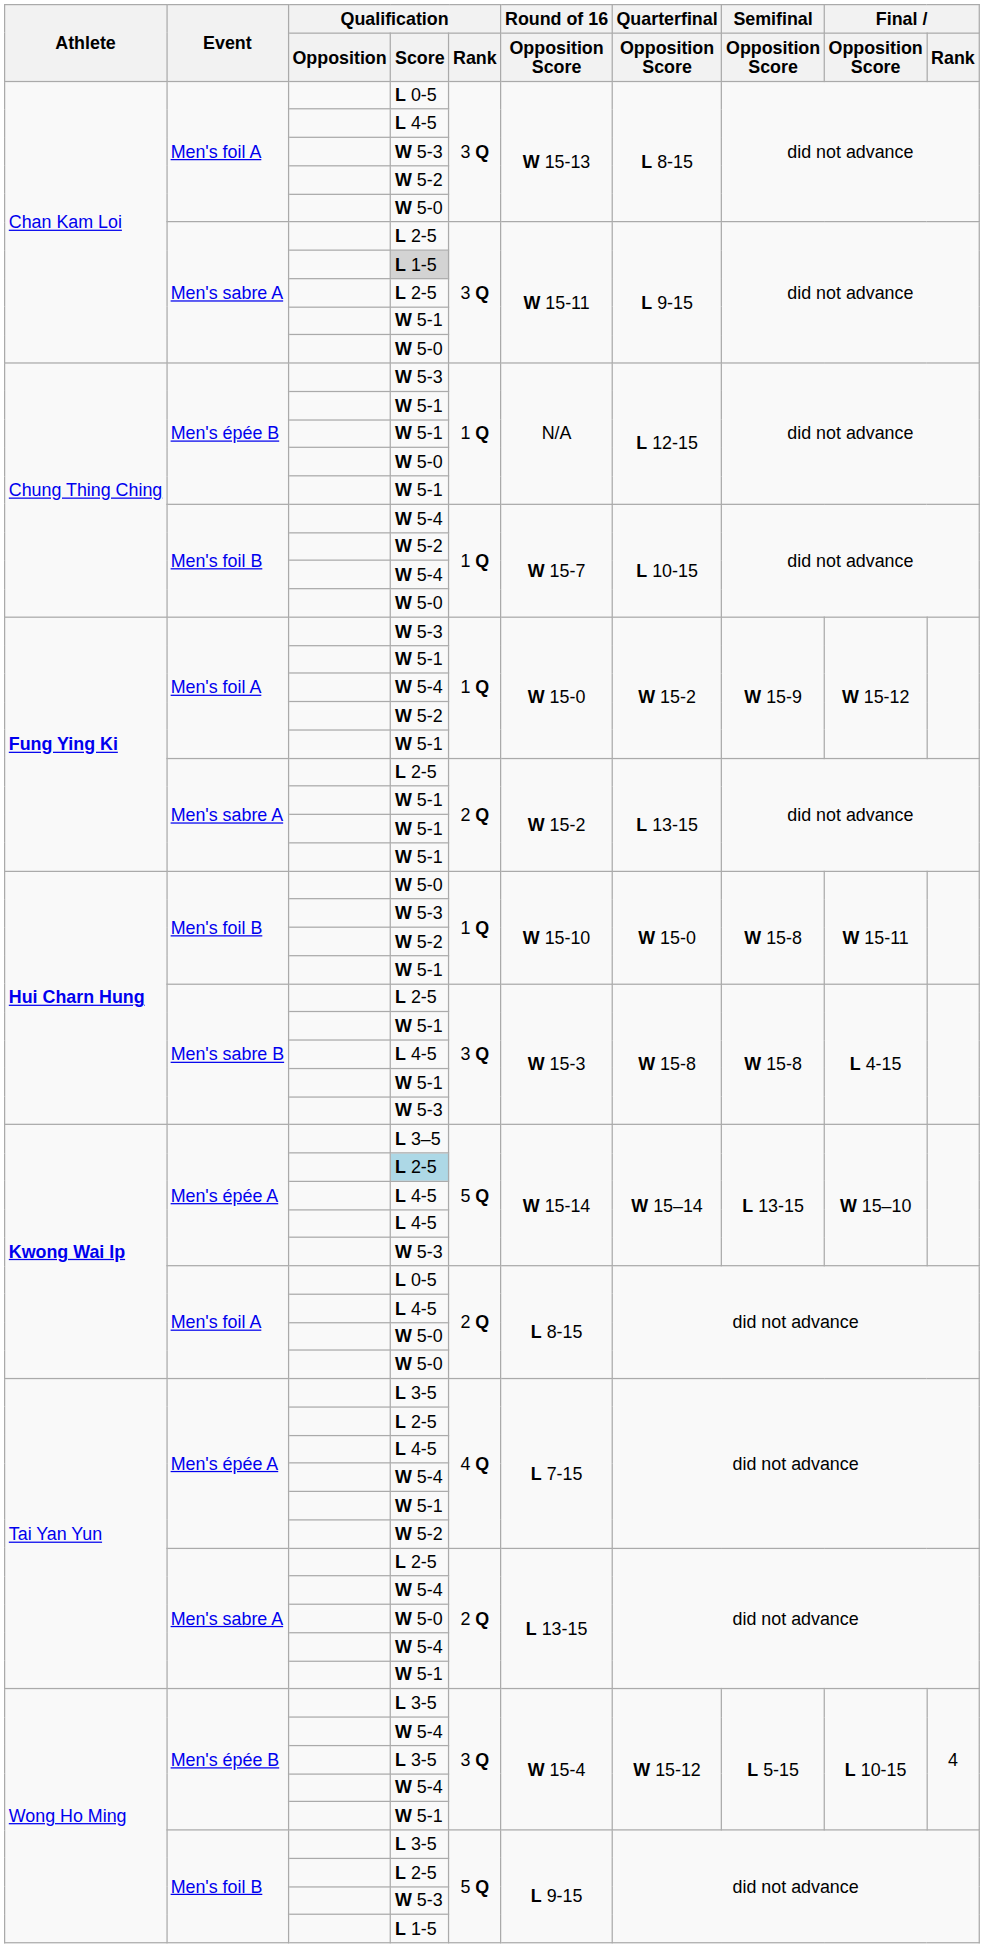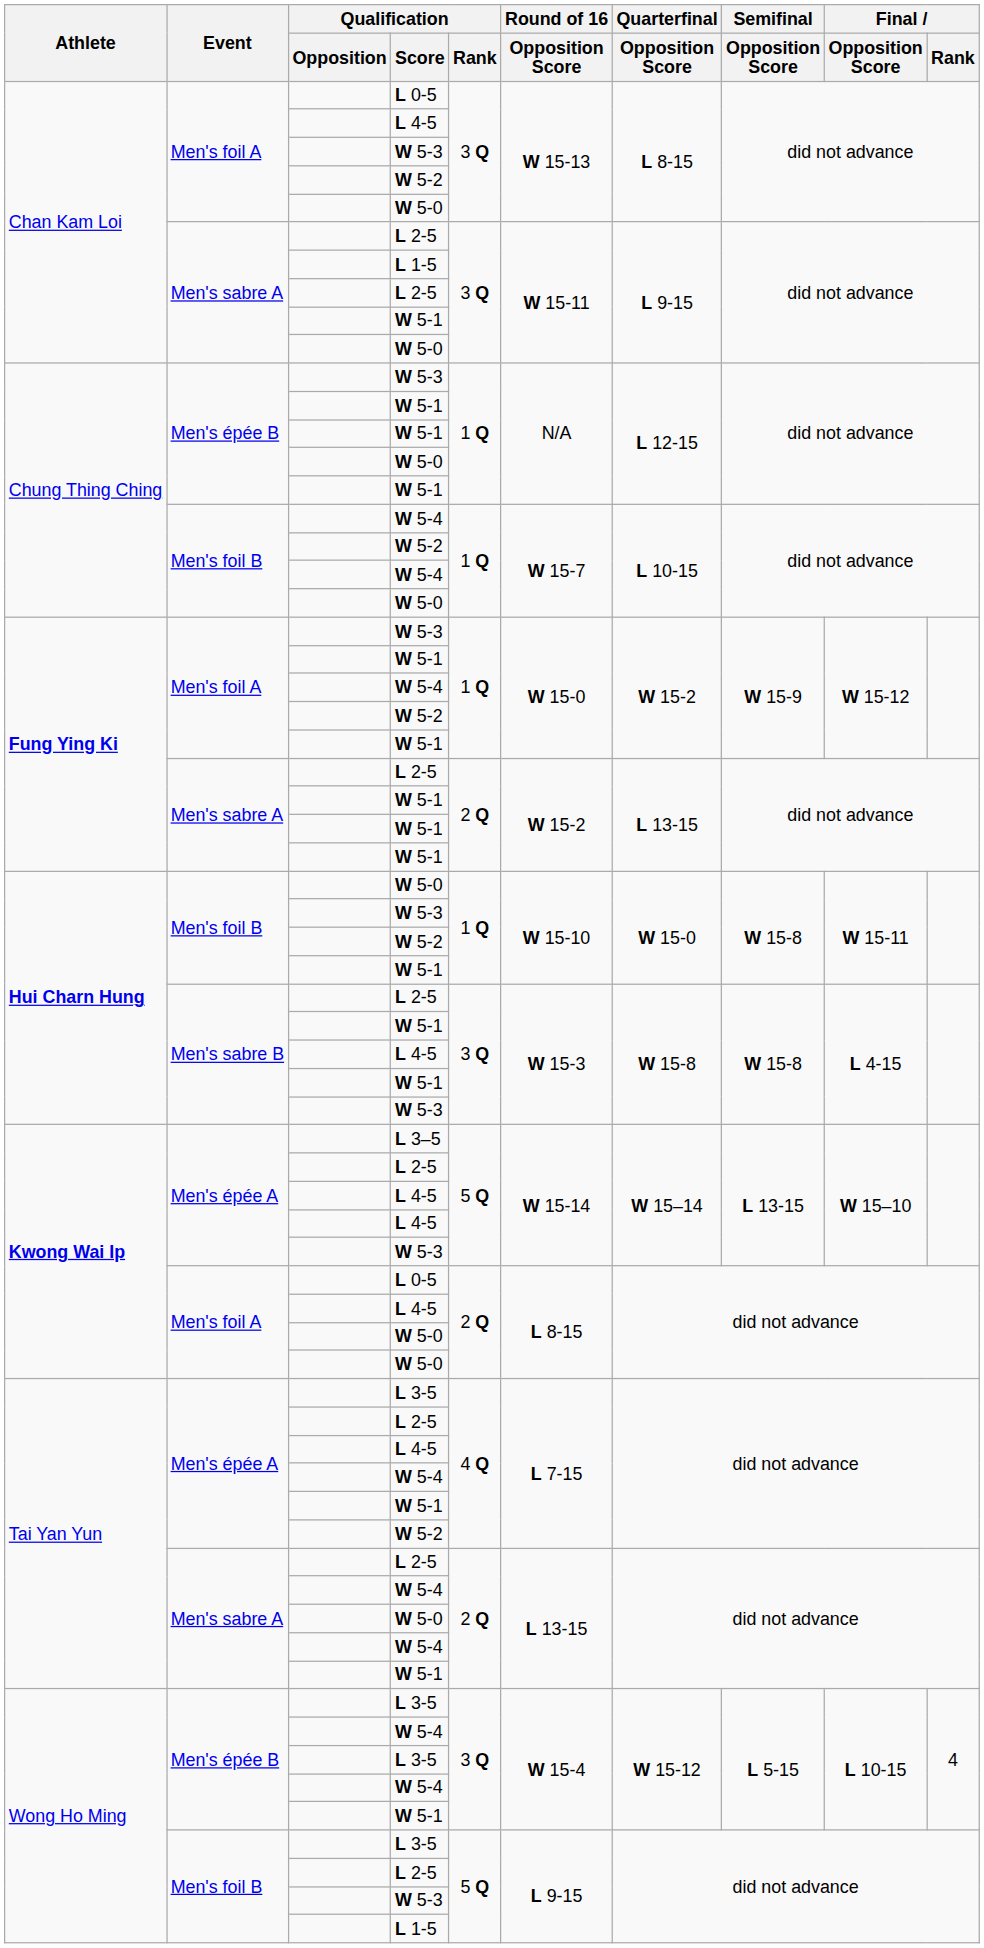 <table class=wikitable style="font-size:90%">
 <tr>
 <th rowspan="2">Athlete</th>
 <th rowspan="2">Event</th>
 <th colspan="3">Qualification</th>
 <th>Round of 16</th>
 <th>Quarterfinal</th>
 <th>Semifinal</th>
 <th colspan="2">Final / </th>
 </tr>
 <tr>
 <th>Opposition</th>
 <th>Score</th>
 <th>Rank</th>
 <th>Opposition<br>Score</th>
 <th>Opposition<br>Score</th>
 <th>Opposition<br>Score</th>
 <th>Opposition<br>Score</th>
 <th>Rank</th>
 </tr>
 <tr>
 <td rowspan=10><a href='#'>Chan Kam Loi</a></td>
 <td rowspan=5><a href='#'>Men's foil A</a></td>
 <td></td>
 <td><strong>L</strong> 0-5</td>
 <td align="center" rowspan=5>3 <strong>Q</strong></td>
 <td align="center" rowspan=5><br><strong>W</strong> 15-13</td>
 <td align="center" rowspan=5><br><strong>L</strong> 8-15</td>
 <td align="center" rowspan=5 colspan=3>did not advance</td>
 </tr>
 <tr>
 <td></td>
 <td><strong>L</strong> 4-5</td>
 </tr>
 <tr>
 <td></td>
 <td><strong>W</strong> 5-3</td>
 </tr>
 <tr>
 <td></td>
 <td><strong>W</strong> 5-2</td>
 </tr>
 <tr>
 <td></td>
 <td><strong>W</strong> 5-0</td>
 </tr>
 <tr>
 <td rowspan=5><a href='#'>Men's sabre A</a></td>
 <td></td>
 <td><strong>L</strong> 2-5</td>
 <td align="center" rowspan=5>3 <strong>Q</strong></td>
 <td align="center" rowspan=5><br><strong>W</strong> 15-11</td>
 <td align="center" rowspan=5><br><strong>L</strong> 9-15</td>
 <td align="center" rowspan=5 colspan=3>did not advance</td>
 </tr>
 <tr>
 <td></td>
-<td style="background: lightgrey;"><strong>L</strong> 1-5</td>
+<td><strong>L</strong> 1-5</td>
 </tr>
 <tr>
 <td></td>
 <td><strong>L</strong> 2-5</td>
 </tr>
 <tr>
 <td></td>
 <td><strong>W</strong> 5-1</td>
 </tr>
 <tr>
 <td></td>
 <td><strong>W</strong> 5-0</td>
 </tr>
 <tr>
 <td rowspan=9><a href='#'>Chung Thing Ching</a></td>
 <td rowspan=5><a href='#'>Men's épée B</a></td>
 <td></td>
 <td><strong>W</strong> 5-3</td>
 <td align="center" rowspan=5>1 <strong>Q</strong></td>
 <td align="center" rowspan=5>N/A</td>
 <td align="center" rowspan=5><br><strong>L</strong> 12-15</td>
 <td align="center" rowspan=5 colspan=3>did not advance</td>
 </tr>
 <tr>
 <td></td>
 <td><strong>W</strong> 5-1</td>
 </tr>
 <tr>
 <td></td>
 <td><strong>W</strong> 5-1</td>
 </tr>
 <tr>
 <td></td>
 <td><strong>W</strong> 5-0</td>
 </tr>
 <tr>
 <td></td>
 <td><strong>W</strong> 5-1</td>
 </tr>
 <tr>
 <td rowspan=4><a href='#'>Men's foil B</a></td>
 <td></td>
 <td><strong>W</strong> 5-4</td>
 <td align="center" rowspan=4>1 <strong>Q</strong></td>
 <td align="center" rowspan=4><br><strong>W</strong> 15-7</td>
 <td align="center" rowspan=4><br><strong>L</strong> 10-15</td>
 <td align="center" rowspan=4 colspan=3>did not advance</td>
 </tr>
 <tr>
 <td></td>
 <td><strong>W</strong> 5-2</td>
 </tr>
 <tr>
 <td></td>
 <td><strong>W</strong> 5-4</td>
 </tr>
 <tr>
 <td></td>
 <td><strong>W</strong> 5-0</td>
 </tr>
 <tr>
 <td rowspan=9><strong><a href='#'>Fung Ying Ki</a></strong></td>
 <td rowspan=5><a href='#'>Men's foil A</a></td>
 <td></td>
 <td><strong>W</strong> 5-3</td>
 <td align="center" rowspan=5>1 <strong>Q</strong></td>
 <td align="center" rowspan=5><br><strong>W</strong> 15-0</td>
 <td align="center" rowspan=5><br><strong>W</strong> 15-2</td>
 <td align="center" rowspan=5><br><strong>W</strong> 15-9</td>
 <td align="center" rowspan=5><br><strong>W</strong> 15-12</td>
 <td align="center" rowspan=5></td>
 </tr>
 <tr>
 <td></td>
 <td><strong>W</strong> 5-1</td>
 </tr>
 <tr>
 <td></td>
 <td><strong>W</strong> 5-4</td>
 </tr>
 <tr>
 <td></td>
 <td><strong>W</strong> 5-2</td>
 </tr>
 <tr>
 <td></td>
 <td><strong>W</strong> 5-1</td>
 </tr>
 <tr>
 <td rowspan=4><a href='#'>Men's sabre A</a></td>
 <td></td>
 <td><strong>L</strong> 2-5</td>
 <td align="center" rowspan=4>2 <strong>Q</strong></td>
 <td align="center" rowspan=4><br><strong>W</strong> 15-2</td>
 <td align="center" rowspan=4><br><strong>L</strong> 13-15</td>
 <td align="center" rowspan=4 colspan=3>did not advance</td>
 </tr>
 <tr>
 <td></td>
 <td><strong>W</strong> 5-1</td>
 </tr>
 <tr>
 <td></td>
 <td><strong>W</strong> 5-1</td>
 </tr>
 <tr>
 <td></td>
 <td><strong>W</strong> 5-1</td>
 </tr>
 <tr>
 <td rowspan=9><strong><a href='#'>Hui Charn Hung</a></strong></td>
 <td rowspan=4><a href='#'>Men's foil B</a></td>
 <td></td>
 <td><strong>W</strong> 5-0</td>
 <td align="center" rowspan=4>1 <strong>Q</strong></td>
 <td align="center" rowspan=4><br><strong>W</strong> 15-10</td>
 <td align="center" rowspan=4><br><strong>W</strong> 15-0</td>
 <td align="center" rowspan=4><br><strong>W</strong> 15-8</td>
 <td align="center" rowspan=4><br><strong>W</strong> 15-11</td>
 <td align="center" rowspan=4></td>
 </tr>
 <tr>
 <td></td>
 <td><strong>W</strong> 5-3</td>
 </tr>
 <tr>
 <td></td>
 <td><strong>W</strong> 5-2</td>
 </tr>
 <tr>
 <td></td>
 <td><strong>W</strong> 5-1</td>
 </tr>
 <tr>
 <td rowspan=5><a href='#'>Men's sabre B</a></td>
 <td></td>
 <td><strong>L</strong> 2-5</td>
 <td align="center" rowspan=5>3 <strong>Q</strong></td>
 <td align="center" rowspan=5><br><strong>W</strong> 15-3</td>
 <td align="center" rowspan=5><br><strong>W</strong> 15-8</td>
 <td align="center" rowspan=5><br><strong>W</strong> 15-8</td>
 <td align="center" rowspan=5><br><strong>L</strong> 4-15</td>
 <td align="center" rowspan=5></td>
 </tr>
 <tr>
 <td></td>
 <td><strong>W</strong> 5-1</td>
 </tr>
 <tr>
 <td></td>
 <td><strong>L</strong> 4-5</td>
 </tr>
 <tr>
 <td></td>
 <td><strong>W</strong> 5-1</td>
 </tr>
 <tr>
 <td></td>
 <td><strong>W</strong> 5-3</td>
 </tr>
 <tr>
 <td rowspan=9><strong><a href='#'>Kwong Wai Ip</a></strong></td>
 <td rowspan=5><a href='#'>Men's épée A</a></td>
 <td></td>
 <td><strong>L</strong> 3–5</td>
 <td align="center" rowspan=5>5 <strong>Q</strong></td>
 <td align="center" rowspan=5><br><strong>W</strong> 15-14</td>
 <td align="center" rowspan=5><br><strong>W</strong> 15–14</td>
 <td align="center" rowspan=5><br><strong>L</strong> 13-15</td>
 <td align="center" rowspan=5><br><strong>W</strong> 15–10</td>
 <td align="center" rowspan=5></td>
 </tr>
 <tr>
 <td></td>
-<td style="background: lightblue;"><strong>L</strong> 2-5</td>
+<td><strong>L</strong> 2-5</td>
 </tr>
 <tr>
 <td></td>
 <td><strong>L</strong> 4-5</td>
 </tr>
 <tr>
 <td></td>
 <td><strong>L</strong> 4-5</td>
 </tr>
 <tr>
 <td></td>
 <td><strong>W</strong> 5-3</td>
 </tr>
 <tr>
 <td rowspan=4><a href='#'>Men's foil A</a></td>
 <td></td>
 <td><strong>L</strong> 0-5</td>
 <td align="center" rowspan=4>2 <strong>Q</strong></td>
 <td align="center" rowspan=4><br><strong>L</strong> 8-15</td>
 <td align="center" rowspan=4 colspan=4>did not advance</td>
 </tr>
 <tr>
 <td></td>
 <td><strong>L</strong> 4-5</td>
 </tr>
 <tr>
 <td></td>
 <td><strong>W</strong> 5-0</td>
 </tr>
 <tr>
 <td></td>
 <td><strong>W</strong> 5-0</td>
 </tr>
 <tr>
 <td rowspan=11><a href='#'>Tai Yan Yun</a></td>
 <td rowspan=6><a href='#'>Men's épée A</a></td>
 <td></td>
 <td><strong>L</strong> 3-5</td>
 <td align="center" rowspan=6>4 <strong>Q</strong></td>
 <td align="center" rowspan=6><br><strong>L</strong> 7-15</td>
 <td align="center" rowspan=6 colspan=4>did not advance</td>
 </tr>
 <tr>
 <td></td>
 <td><strong>L</strong> 2-5</td>
 </tr>
 <tr>
 <td></td>
 <td><strong>L</strong> 4-5</td>
 </tr>
 <tr>
 <td></td>
 <td><strong>W</strong> 5-4</td>
 </tr>
 <tr>
 <td></td>
 <td><strong>W</strong> 5-1</td>
 </tr>
 <tr>
 <td></td>
 <td><strong>W</strong> 5-2</td>
 </tr>
 <tr>
 <td rowspan=5><a href='#'>Men's sabre A</a></td>
 <td></td>
 <td><strong>L</strong> 2-5</td>
 <td align="center" rowspan=5>2 <strong>Q</strong></td>
 <td align="center" rowspan=5><br><strong>L</strong> 13-15</td>
 <td align="center" rowspan=5 colspan=4>did not advance</td>
 </tr>
 <tr>
 <td></td>
 <td><strong>W</strong> 5-4</td>
 </tr>
 <tr>
 <td></td>
 <td><strong>W</strong> 5-0</td>
 </tr>
 <tr>
 <td></td>
 <td><strong>W</strong> 5-4</td>
 </tr>
 <tr>
 <td></td>
 <td><strong>W</strong> 5-1</td>
 </tr>
 <tr>
 <td rowspan=9><a href='#'>Wong Ho Ming</a></td>
 <td rowspan=5><a href='#'>Men's épée B</a></td>
 <td></td>
 <td><strong>L</strong> 3-5</td>
 <td align="center" rowspan=5>3 <strong>Q</strong></td>
 <td align="center" rowspan=5><br><strong>W</strong> 15-4</td>
 <td align="center" rowspan=5><br><strong>W</strong> 15-12</td>
 <td align="center" rowspan=5><br><strong>L</strong> 5-15</td>
 <td align="center" rowspan=5><br><strong>L</strong> 10-15</td>
 <td align="center" rowspan=5>4</td>
 </tr>
 <tr>
 <td></td>
 <td><strong>W</strong> 5-4</td>
 </tr>
 <tr>
 <td></td>
 <td><strong>L</strong> 3-5</td>
 </tr>
 <tr>
 <td></td>
 <td><strong>W</strong> 5-4</td>
 </tr>
 <tr>
 <td></td>
 <td><strong>W</strong> 5-1</td>
 </tr>
 <tr>
 <td rowspan=4><a href='#'>Men's foil B</a></td>
 <td></td>
 <td><strong>L</strong> 3-5</td>
 <td align="center" rowspan=4>5 <strong>Q</strong></td>
 <td align="center" rowspan=4><br><strong>L</strong> 9-15</td>
 <td align="center" rowspan=4 colspan=4>did not advance</td>
 </tr>
 <tr>
 <td></td>
 <td><strong>L</strong> 2-5</td>
 </tr>
 <tr>
 <td></td>
 <td><strong>W</strong> 5-3</td>
 </tr>
 <tr>
 <td></td>
 <td><strong>L</strong> 1-5</td>
 </tr>
 </table>
